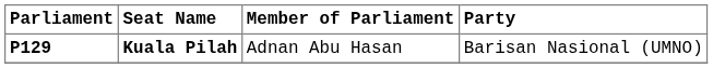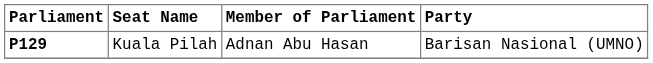 <table class="toccolours sortable" cellpadding="3" border="1" style="border-collapse:collapse; text-align: left;">
 <tr>
 <th align="center">Parliament</th>
 <th>Seat Name</th>
 <th>Member of Parliament</th>
 <th>Party</th>
 </tr>
 <tr>
 <th align="left">P129</th>
-<td><strong>Kuala Pilah</strong></td>
+<td>Kuala Pilah</td>
 <td>Adnan Abu Hasan</td>
 <td>Barisan Nasional (UMNO)</td>
 </tr>
 <tr>
 </tr>
 </table>
